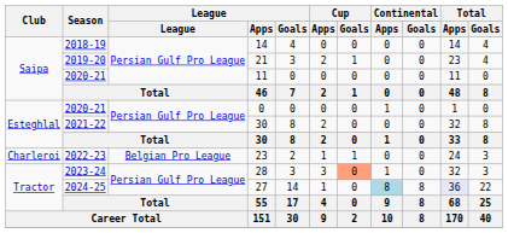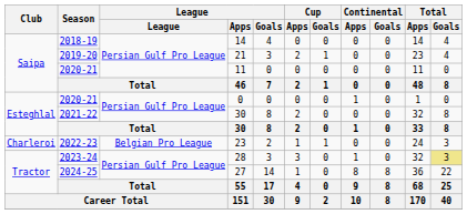 <table class="wikitable"style="text-align:center;">
 <tr>
 <th rowspan=2>Club</th>
 <th rowspan=2>Season</th>
 <th colspan=3>League</th>
 <th colspan=2>Cup</th>
 <th colspan=2>Continental</th>
 <th colspan=2>Total</th>
 </tr>
 <tr>
 <th>League</th>
 <th>Apps</th>
 <th>Goals</th>
 <th>Apps</th>
 <th>Goals</th>
 <th>Apps</th>
 <th>Goals</th>
 <th>Apps</th>
 <th>Goals</th>
 </tr>
 <tr>
 <td rowspan="4"><a href='#'>Saipa</a></td>
 <td><a href='#'>2018-19</a></td>
 <td rowspan="3"><a href='#'>Persian Gulf Pro League</a></td>
 <td>14</td>
 <td>4</td>
 <td>0</td>
 <td>0</td>
 <td>0</td>
 <td>0</td>
 <td>14</td>
 <td>4</td>
 </tr>
 <tr>
 <td><a href='#'>2019-20</a></td>
 <td>21</td>
 <td>3</td>
 <td>2</td>
 <td>1</td>
 <td>0</td>
 <td>0</td>
 <td>23</td>
 <td>4</td>
 </tr>
 <tr>
 <td><a href='#'>2020-21</a></td>
 <td>11</td>
 <td>0</td>
 <td>0</td>
 <td>0</td>
 <td>0</td>
 <td>0</td>
 <td>11</td>
 <td>0</td>
 </tr>
 <tr>
 <th colspan=2>Total</th>
 <th>46</th>
 <th>7</th>
 <th>2</th>
 <th>1</th>
 <th>0</th>
 <th>0</th>
 <th>48</th>
 <th>8</th>
 </tr>
 <tr>
 <td rowspan="3"><a href='#'>Esteghlal</a></td>
 <td><a href='#'>2020-21</a></td>
 <td rowspan="2"><a href='#'>Persian Gulf Pro League</a></td>
 <td>0</td>
 <td>0</td>
 <td>0</td>
 <td>0</td>
 <td>1</td>
 <td>0</td>
 <td>1</td>
 <td>0</td>
 </tr>
 <tr>
 <td><a href='#'>2021-22</a></td>
 <td>30</td>
 <td>8</td>
 <td>2</td>
 <td>0</td>
 <td>0</td>
 <td>0</td>
 <td>32</td>
 <td>8</td>
 </tr>
 <tr>
 <th colspan=2>Total</th>
 <th>30</th>
 <th>8</th>
 <th>2</th>
 <th>0</th>
 <th>1</th>
 <th>0</th>
 <th>33</th>
 <th>8</th>
 </tr>
 <tr>
 <td><a href='#'>Charleroi</a></td>
 <td><a href='#'>2022-23</a></td>
 <td><a href='#'>Belgian Pro League</a></td>
 <td>23</td>
 <td>2</td>
 <td>1</td>
 <td>1</td>
 <td>0</td>
 <td>0</td>
 <td>24</td>
 <td>3</td>
 </tr>
 <tr>
 <td rowspan="3"><a href='#'>Tractor</a></td>
 <td><a href='#'>2023-24</a></td>
 <td rowspan="2"><a href='#'>Persian Gulf Pro League</a></td>
 <td>28</td>
 <td>3</td>
 <td>3</td>
-<td style="background: lightsalmon;">0</td>
+<td>0</td>
 <td>1</td>
 <td>0</td>
 <td>32</td>
-<td>3</td>
+<td style="background: khaki;">3</td>
 </tr>
 <tr>
 <td><a href='#'>2024-25</a></td>
 <td>27</td>
 <td>14</td>
 <td>1</td>
 <td>0</td>
-<td style="background: lightblue;">8</td>
 <td>8</td>
-<td style="background: lavender;">36</td>
+<td>8</td>
+<td>36</td>
 <td>22</td>
 </tr>
 <tr>
 <th colspan=2>Total</th>
 <th>55</th>
 <th>17</th>
 <th>4</th>
 <th>0</th>
 <th>9</th>
 <th>8</th>
 <th>68</th>
 <th>25</th>
 </tr>
 <tr>
 <th colspan=3>Career Total</th>
 <th>151</th>
 <th>30</th>
 <th>9</th>
 <th>2</th>
 <th>10</th>
 <th>8</th>
 <th>170</th>
 <th>40</th>
 </tr>
 <tr>
 </tr>
 </table>
